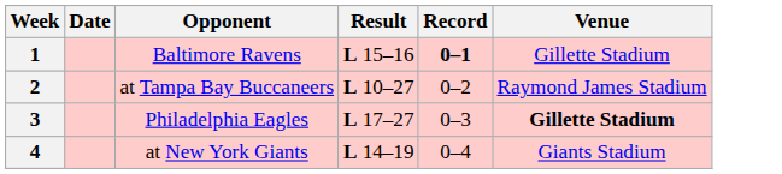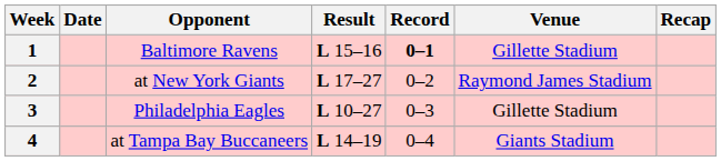 <table class="wikitable" style="text-align:center">
 <tr>
 <th>Week</th>
 <th>Date</th>
 <th>Opponent</th>
 <th>Result</th>
 <th>Record</th>
 <th>Venue</th>
+<th>Recap</th>
 </tr>
 <tr style="background: #fcc;">
 <th>1</th>
 <td></td>
 <td><a href='#'>Baltimore Ravens</a></td>
 <td><strong>L</strong> 15–16</td>
 <td><strong>0–1</strong></td>
 <td><a href='#'>Gillette Stadium</a></td>
+<td></td>
 </tr>
 <tr style="background: #fcc;">
 <th>2</th>
 <td></td>
-<td>at <a href='#'>Tampa Bay Buccaneers</a></td>
-<td><strong>L</strong> 10–27</td>
+<td>at <a href='#'>New York Giants</a></td>
+<td><strong>L</strong> 17–27</td>
 <td>0–2</td>
 <td><a href='#'>Raymond James Stadium</a></td>
+<td></td>
 </tr>
 <tr style="background: #fcc;">
 <th>3</th>
 <td></td>
 <td><a href='#'>Philadelphia Eagles</a></td>
-<td><strong>L</strong> 17–27</td>
+<td><strong>L</strong> 10–27</td>
 <td>0–3</td>
-<td><strong>Gillette Stadium</strong></td>
+<td>Gillette Stadium</td>
+<td></td>
 </tr>
 <tr style="background: #fcc;">
 <th>4</th>
 <td></td>
-<td>at <a href='#'>New York Giants</a></td>
+<td>at <a href='#'>Tampa Bay Buccaneers</a></td>
 <td><strong>L</strong> 14–19</td>
 <td>0–4</td>
 <td><a href='#'>Giants Stadium</a></td>
+<td></td>
 </tr>
 </table>
